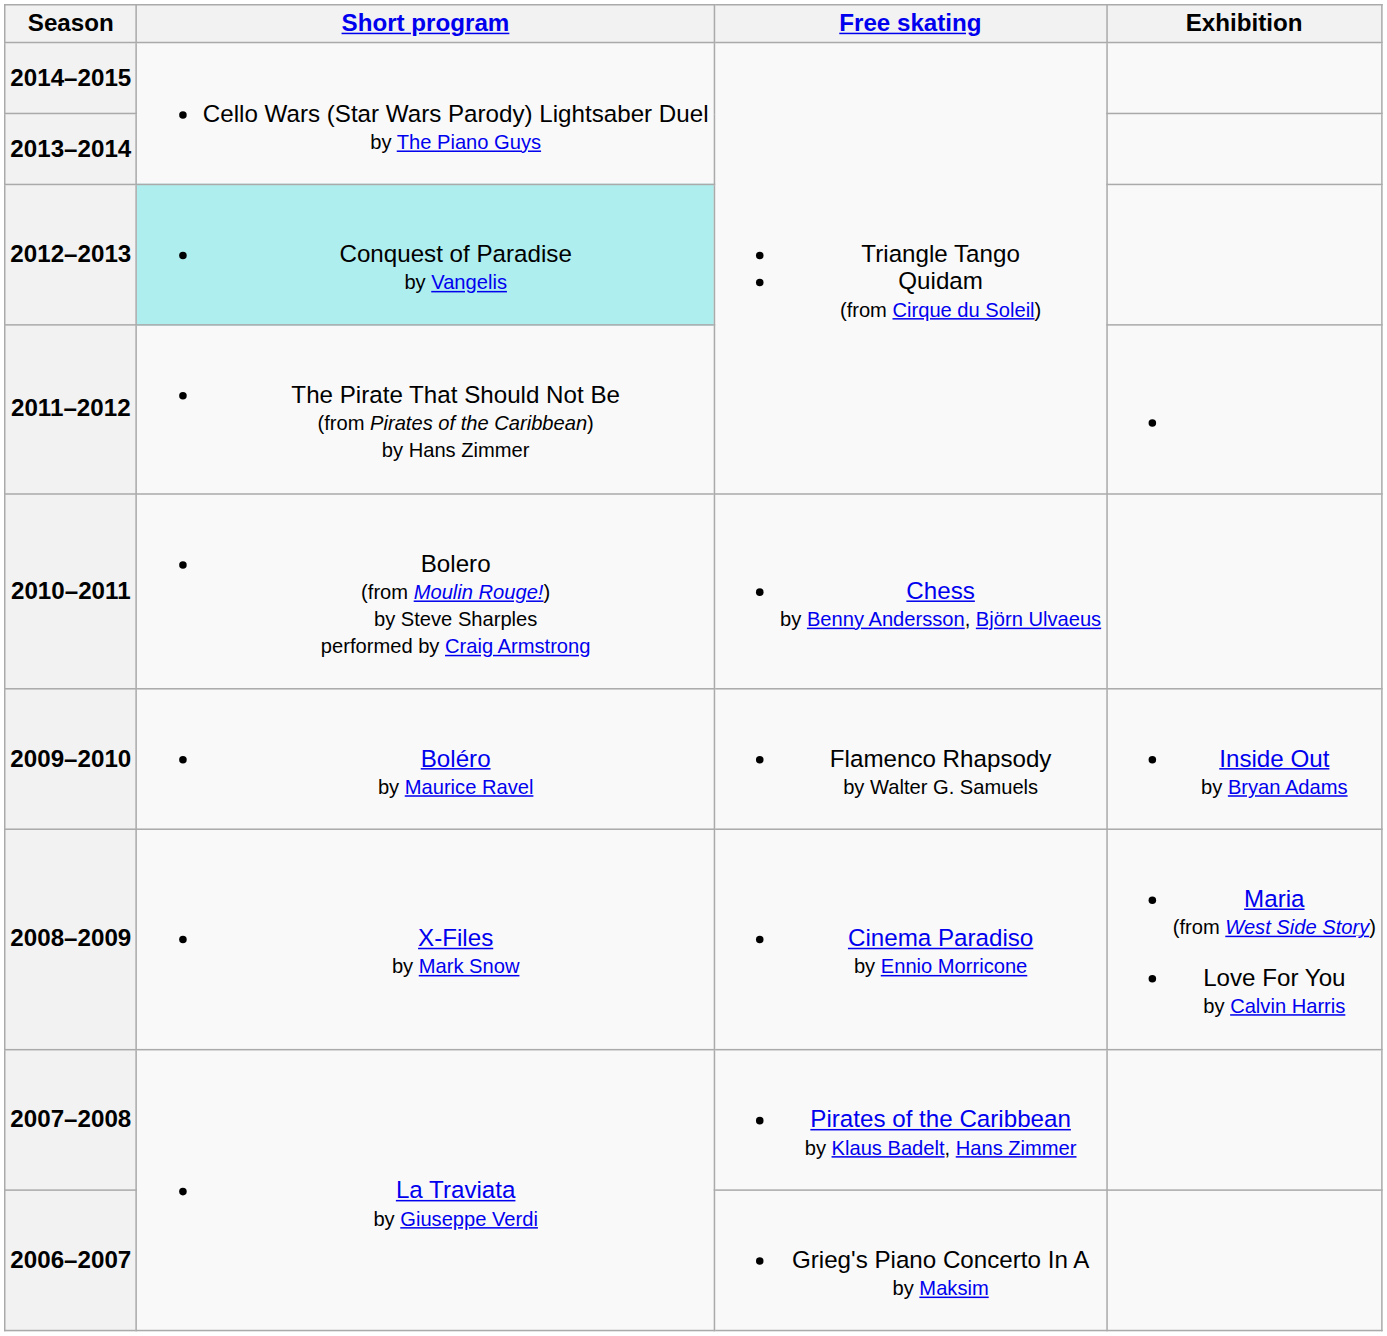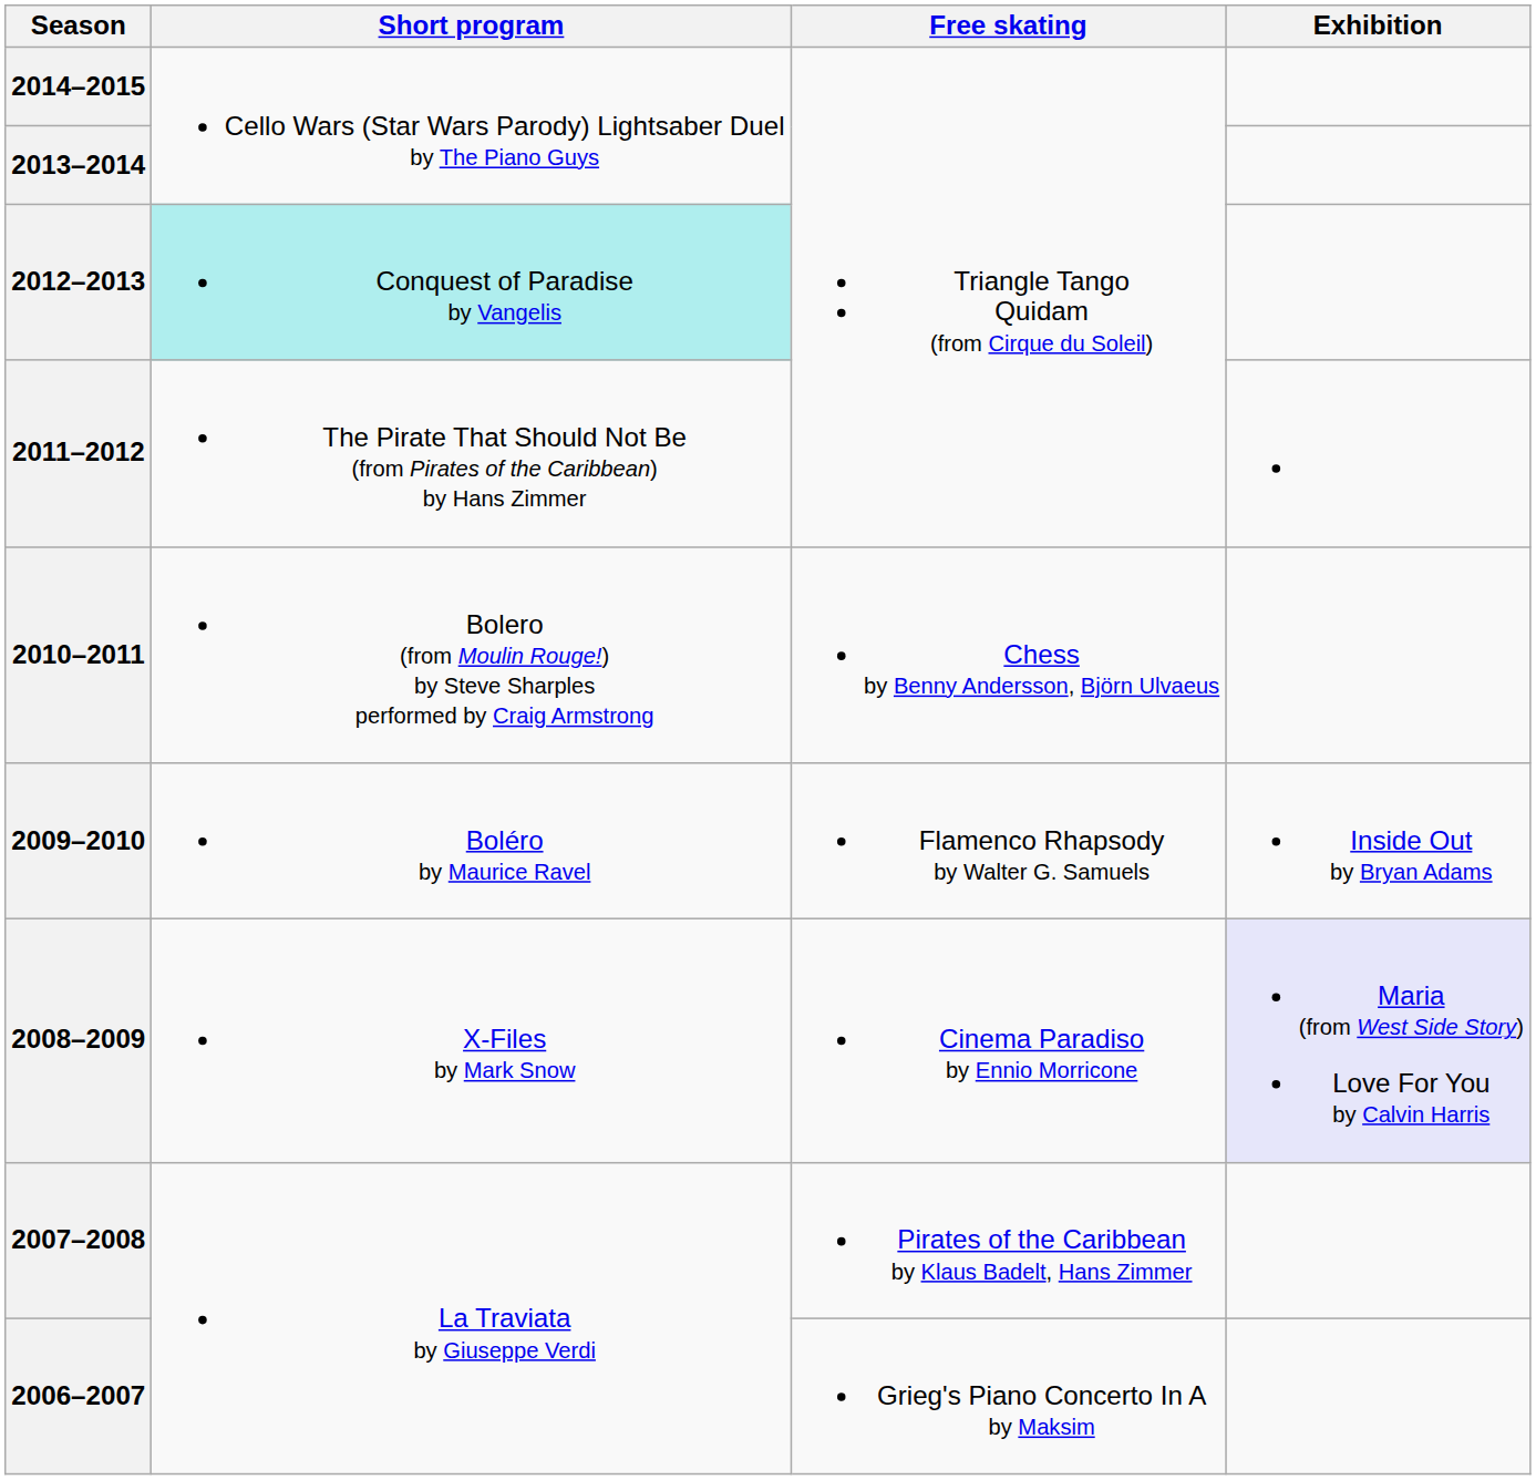 <table class="wikitable" style="text-align:center">
 <tr>
 <th>Season</th>
 <th><a href='#'>Short program</a></th>
 <th><a href='#'>Free skating</a></th>
 <th>Exhibition</th>
 </tr>
 <tr>
 <th>2014–2015 <br></th>
 <td rowspan=2><br><ul><li>Cello Wars (Star Wars Parody) Lightsaber Duel <br> <small> by <a href='#'>The Piano Guys</a> </small></li></ul></td>
 <td rowspan=4><br><ul><li>Triangle Tango</li><li>Quidam <br> <small> (from <a href='#'>Cirque du Soleil</a>) </small></li></ul></td>
 <td></td>
 </tr>
 <tr>
 <th>2013–2014 <br></th>
 <td></td>
 </tr>
 <tr>
 <th>2012–2013 <br> </th>
 <td style="background: paleturquoise;"><br><ul><li>Conquest of Paradise <br> <small> by <a href='#'>Vangelis</a> </small></li></ul></td>
 <td></td>
 </tr>
 <tr>
 <th>2011–2012 <br> </th>
 <td><br><ul><li>The Pirate That Should Not Be <br> <small> (from <em>Pirates of the Caribbean</em>) <br> by Hans Zimmer </small></li></ul></td>
 <td><br><ul><li></li></ul></td>
 </tr>
 <tr>
 <th>2010–2011 <br> </th>
 <td><br><ul><li>Bolero <br> <small> (from <em><a href='#'>Moulin Rouge!</a></em>) <br> by Steve Sharples <br> performed by <a href='#'>Craig Armstrong</a> </small></li></ul></td>
 <td><br><ul><li><a href='#'>Chess</a> <br> <small> by <a href='#'>Benny Andersson</a>, <a href='#'>Björn Ulvaeus</a> </small></li></ul></td>
 <td></td>
 </tr>
 <tr>
 <th>2009–2010 <br> </th>
 <td><br><ul><li><a href='#'>Boléro</a> <br> <small> by <a href='#'>Maurice Ravel</a> </small></li></ul></td>
 <td><br><ul><li>Flamenco Rhapsody <br> <small> by Walter G. Samuels </small></li></ul></td>
 <td><br><ul><li><a href='#'>Inside Out</a> <br> <small> by <a href='#'>Bryan Adams</a> </small></li></ul></td>
 </tr>
 <tr>
 <th>2008–2009 <br> </th>
 <td><br><ul><li><a href='#'>X-Files</a> <br> <small> by <a href='#'>Mark Snow</a> </small></li></ul></td>
 <td><br><ul><li><a href='#'>Cinema Paradiso</a> <br> <small> by <a href='#'>Ennio Morricone</a> </small></li></ul></td>
-<td><br><ul><li><a href='#'>Maria</a> <br> <small> (from <em><a href='#'>West Side Story</a></em>) </small></li></ul><ul><li>Love For You <br> <small> by <a href='#'>Calvin Harris</a> </small></li></ul></td>
+<td style="background: lavender;"><br><ul><li><a href='#'>Maria</a> <br> <small> (from <em><a href='#'>West Side Story</a></em>) </small></li></ul><ul><li>Love For You <br> <small> by <a href='#'>Calvin Harris</a> </small></li></ul></td>
 </tr>
 <tr>
 <th>2007–2008 <br> </th>
 <td rowspan=2><br><ul><li><a href='#'>La Traviata</a> <br> <small> by <a href='#'>Giuseppe Verdi</a> </small></li></ul></td>
 <td><br><ul><li><a href='#'>Pirates of the Caribbean</a> <br> <small> by <a href='#'>Klaus Badelt</a>, <a href='#'>Hans Zimmer</a> </small></li></ul></td>
 <td></td>
 </tr>
 <tr>
 <th>2006–2007 <br> </th>
 <td><br><ul><li>Grieg's Piano Concerto In A <br> <small> by <a href='#'>Maksim</a> </small></li></ul></td>
 <td></td>
 </tr>
 </table>
